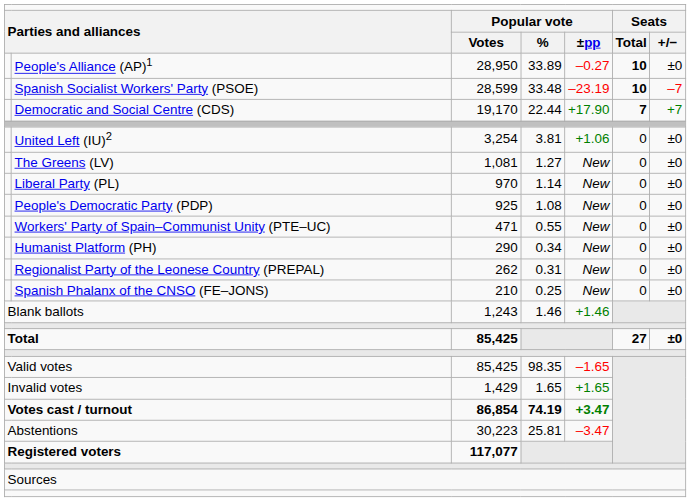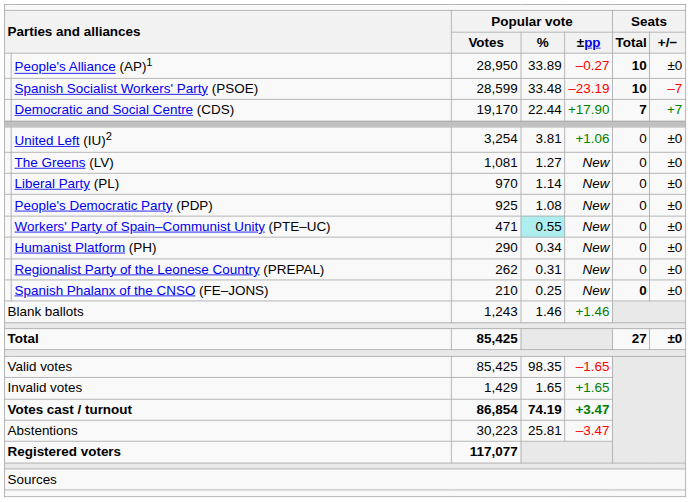 <table class="wikitable" style="text-align:right;">
 <tr>
 <td colspan="7"></td>
 </tr>
 <tr>
 <th style="text-align:left;" rowspan="2" colspan="2" width="525">Parties and alliances</th>
 <th colspan="3">Popular vote</th>
 <th colspan="2">Seats</th>
 </tr>
 <tr>
 <th width="75">Votes</th>
 <th width="45">%</th>
 <th width="45">±<a href='#'>pp</a></th>
 <th width="35">Total</th>
 <th width="35">+/−</th>
 </tr>
 <tr>
 <td width="1" style="color:inherit;background:"></td>
 <td align="left"><a href='#'>People's Alliance</a> (AP)<sup>1</sup></td>
 <td>28,950</td>
 <td>33.89</td>
 <td style="color:red;">–0.27</td>
 <td><strong>10</strong></td>
 <td>±0</td>
 </tr>
 <tr>
 <td style="color:inherit;background:"></td>
 <td align="left"><a href='#'>Spanish Socialist Workers' Party</a> (PSOE)</td>
 <td>28,599</td>
 <td>33.48</td>
 <td style="color:red;">–23.19</td>
 <td><strong>10</strong></td>
 <td style="color:red;">–7</td>
 </tr>
 <tr>
 <td style="color:inherit;background:"></td>
 <td align="left"><a href='#'>Democratic and Social Centre</a> (CDS)</td>
 <td>19,170</td>
 <td>22.44</td>
 <td style="color:green;">+17.90</td>
 <td><strong>7</strong></td>
 <td style="color:green;">+7</td>
 </tr>
 <tr>
 <td colspan="7" bgcolor="#C0C0C0"></td>
 </tr>
 <tr>
 <td style="color:inherit;background:"></td>
 <td align="left"><a href='#'>United Left</a> (IU)<sup>2</sup></td>
 <td>3,254</td>
 <td>3.81</td>
 <td style="color:green;">+1.06</td>
 <td>0</td>
 <td>±0</td>
 </tr>
 <tr>
 <td style="color:inherit;background:"></td>
 <td align="left"><a href='#'>The Greens</a> (LV)</td>
 <td>1,081</td>
 <td>1.27</td>
 <td><em>New</em></td>
 <td>0</td>
 <td>±0</td>
 </tr>
 <tr>
 <td style="color:inherit;background:"></td>
 <td align="left"><a href='#'>Liberal Party</a> (PL)</td>
 <td>970</td>
 <td>1.14</td>
 <td><em>New</em></td>
 <td>0</td>
 <td>±0</td>
 </tr>
 <tr>
 <td style="color:inherit;background:"></td>
 <td align="left"><a href='#'>People's Democratic Party</a> (PDP)</td>
 <td>925</td>
 <td>1.08</td>
 <td><em>New</em></td>
 <td>0</td>
 <td>±0</td>
 </tr>
 <tr>
 <td style="color:inherit;background:"></td>
 <td align="left"><a href='#'>Workers' Party of Spain–Communist Unity</a> (PTE–UC)</td>
 <td>471</td>
-<td>0.55</td>
+<td style="background: paleturquoise;">0.55</td>
 <td><em>New</em></td>
 <td>0</td>
 <td>±0</td>
 </tr>
 <tr>
 <td style="color:inherit;background:"></td>
 <td align="left"><a href='#'>Humanist Platform</a> (PH)</td>
 <td>290</td>
 <td>0.34</td>
 <td><em>New</em></td>
 <td>0</td>
 <td>±0</td>
 </tr>
 <tr>
 <td style="color:inherit;background:"></td>
 <td align="left"><a href='#'>Regionalist Party of the Leonese Country</a> (PREPAL)</td>
 <td>262</td>
 <td>0.31</td>
 <td><em>New</em></td>
 <td>0</td>
 <td>±0</td>
 </tr>
 <tr>
 <td style="color:inherit;background:"></td>
 <td align="left"><a href='#'>Spanish Phalanx of the CNSO</a> (FE–JONS)</td>
 <td>210</td>
 <td>0.25</td>
 <td><em>New</em></td>
-<td>0</td>
+<td><strong>0</strong></td>
 <td>±0</td>
 </tr>
 <tr>
 <td align="left" colspan="2">Blank ballots</td>
 <td>1,243</td>
 <td>1.46</td>
 <td style="color:green;">+1.46</td>
 <td bgcolor="#E9E9E9" colspan="2"></td>
 </tr>
 <tr>
 <td colspan="7" bgcolor="#E9E9E9"></td>
 </tr>
 <tr style="font-weight:bold;">
 <td align="left" colspan="2">Total</td>
 <td>85,425</td>
 <td bgcolor="#E9E9E9" colspan="2"></td>
 <td>27</td>
 <td>±0</td>
 </tr>
 <tr>
 <td colspan="7" bgcolor="#E9E9E9"></td>
 </tr>
 <tr>
 <td align="left" colspan="2">Valid votes</td>
 <td>85,425</td>
 <td>98.35</td>
 <td style="color:red;">–1.65</td>
 <td bgcolor="#E9E9E9" colspan="2" rowspan="5"></td>
 </tr>
 <tr>
 <td align="left" colspan="2">Invalid votes</td>
 <td>1,429</td>
 <td>1.65</td>
 <td style="color:green;">+1.65</td>
 </tr>
 <tr style="font-weight:bold;">
 <td align="left" colspan="2">Votes cast / turnout</td>
 <td>86,854</td>
 <td>74.19</td>
 <td style="color:green;">+3.47</td>
 </tr>
 <tr>
 <td align="left" colspan="2">Abstentions</td>
 <td>30,223</td>
 <td>25.81</td>
 <td style="color:red;">–3.47</td>
 </tr>
 <tr style="font-weight:bold;">
 <td align="left" colspan="2">Registered voters</td>
 <td>117,077</td>
 <td bgcolor="#E9E9E9" colspan="2"></td>
 </tr>
 <tr>
 <td colspan="7" bgcolor="#E9E9E9"></td>
 </tr>
 <tr>
 <td align="left" colspan="7">Sources</td>
 </tr>
 <tr>
 <td colspan="7" style="text-align:left; max-width:790px;"></td>
 </tr>
 </table>
